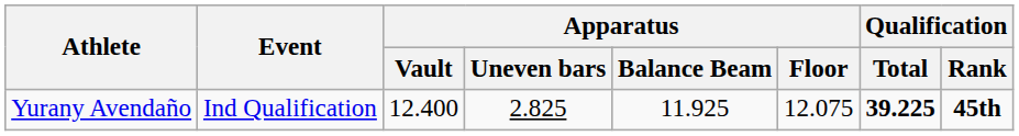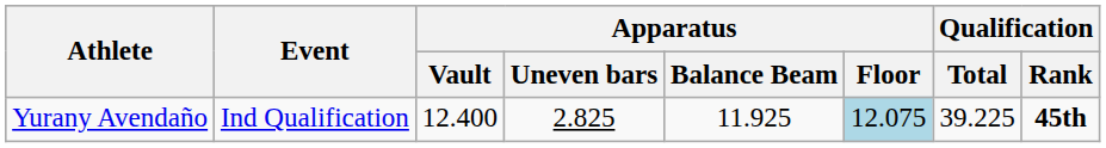 <table class="wikitable" style="font-size:90%">
 <tr>
 <th rowspan="2">Athlete</th>
 <th rowspan="2">Event</th>
 <th colspan = "4">Apparatus</th>
 <th colspan = "2">Qualification</th>
 </tr>
 <tr>
 <th>Vault</th>
 <th>Uneven bars</th>
 <th>Balance Beam</th>
 <th>Floor</th>
 <th>Total</th>
 <th>Rank</th>
 </tr>
 <tr>
 <td><a href='#'>Yurany Avendaño</a></td>
 <td><a href='#'>Ind Qualification</a></td>
 <td align=center>12.400</td>
 <td align=center><u>2.825</u></td>
 <td align=center>11.925</td>
-<td align=center>12.075</td>
-<td align=center><strong>39.225</strong></td>
+<td align=center style="background: lightblue;">12.075</td>
+<td align=center>39.225</td>
 <td align=center><strong>45th</strong></td>
 </tr>
 </table>
